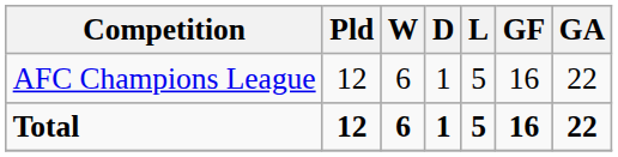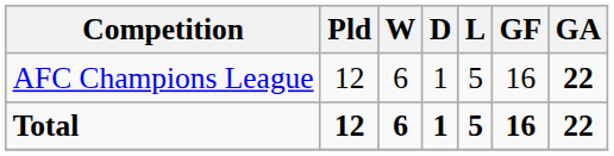 <table class="wikitable">
 <tr>
 <th>Competition</th>
 <th>Pld</th>
 <th>W</th>
 <th>D</th>
 <th>L</th>
 <th>GF</th>
 <th>GA</th>
 </tr>
 <tr>
 <td><a href='#'>AFC Champions League</a></td>
 <td style="text-align:center;">12</td>
 <td style="text-align:center;">6</td>
 <td style="text-align:center;">1</td>
 <td style="text-align:center;">5</td>
 <td style="text-align:center;">16</td>
-<td style="text-align:center;">22</td>
+<td style="text-align:center;"><strong>22</strong></td>
 </tr>
 <tr>
 <td><strong>Total</strong></td>
 <td style="text-align:center;"><strong>12</strong></td>
 <td style="text-align:center;"><strong>6</strong></td>
 <td style="text-align:center;"><strong>1</strong></td>
 <td style="text-align:center;"><strong>5</strong></td>
 <td style="text-align:center;"><strong>16</strong></td>
 <td style="text-align:center;"><strong>22</strong></td>
 </tr>
 <tr>
 </tr>
 </table>
